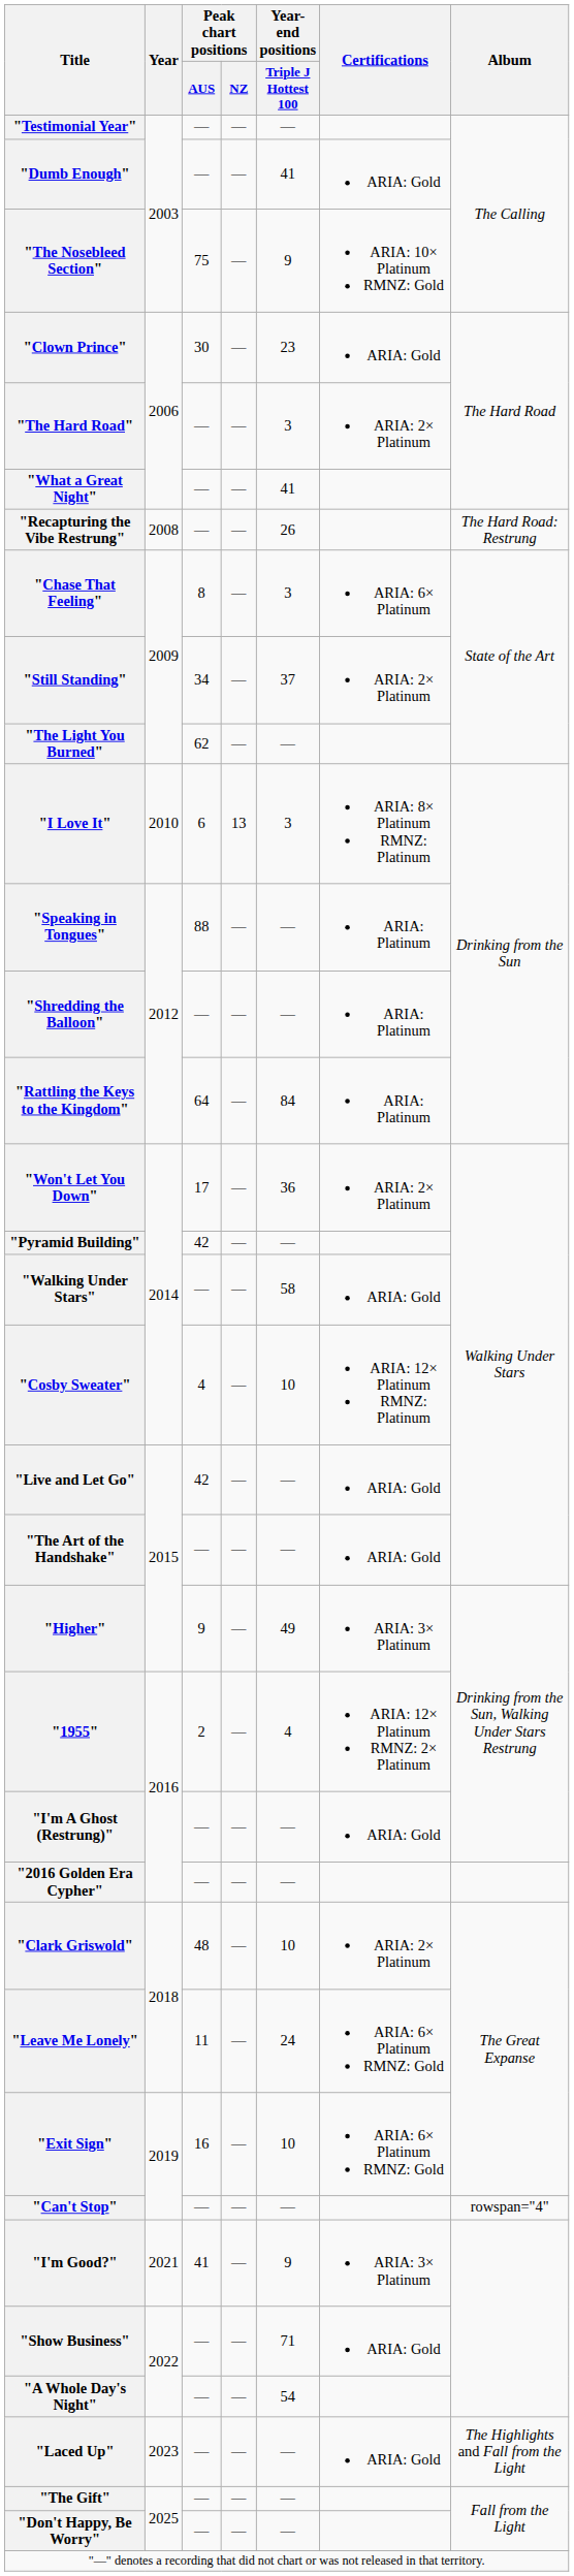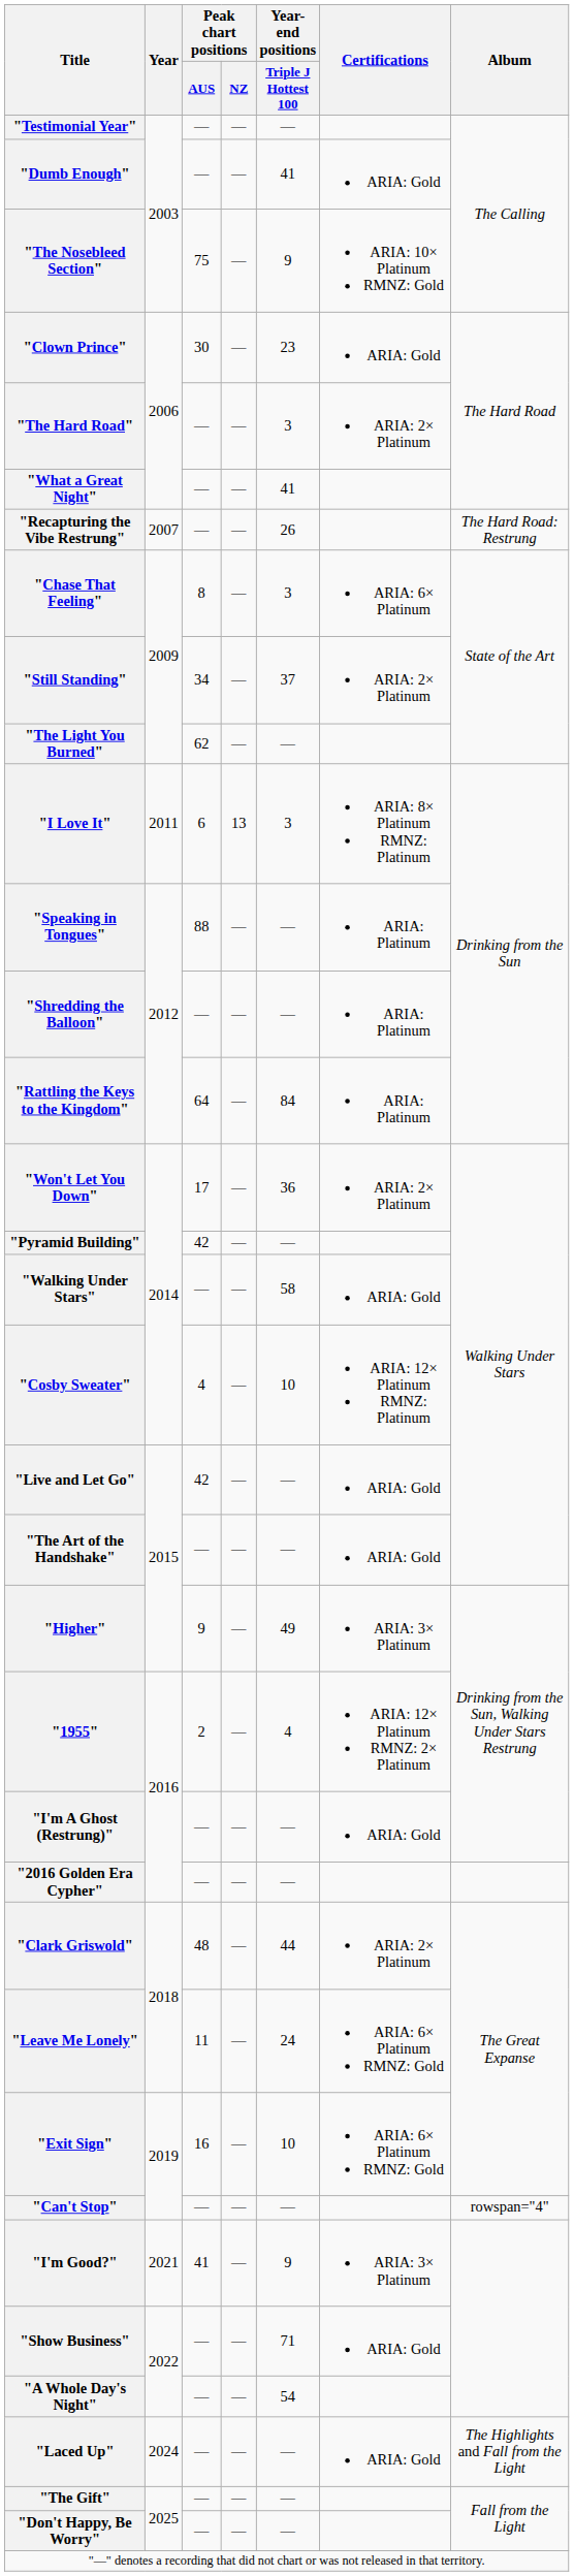 <table class="wikitable plainrowheaders" style="text-align:center;" border="1">
 <tr>
 <th scope="col" rowspan="2" style="width:14em;">Title</th>
 <th scope="col" rowspan="2" style="width:1em;">Year</th>
 <th scope="col" colspan="2">Peak chart positions</th>
 <th scope="col">Year-end<br>positions</th>
 <th scope="col" rowspan="2" style="width:12em;"><a href='#'>Certifications</a></th>
 <th scope="col" rowspan="2" style="width:11em;">Album</th>
 </tr>
 <tr>
 <th scope="col" style="width:3em; font-size:90%;"><a href='#'>AUS</a><br></th>
 <th scope="col" style="width:3em; font-size:90%;"><a href='#'>NZ</a><br></th>
 <th scope="col" style="width:3em; font-size:90%;"><a href='#'>Triple J<br>Hottest 100</a><br></th>
 </tr>
 <tr>
 <th scope="row">"<a href='#'>Testimonial Year</a>"</th>
 <td rowspan="3">2003</td>
 <td>—</td>
 <td>—</td>
 <td>—</td>
 <td></td>
 <td rowspan="3"><em>The Calling</em></td>
 </tr>
 <tr>
 <th scope="row">"<a href='#'>Dumb Enough</a>"</th>
 <td>—</td>
 <td>—</td>
 <td>41</td>
 <td><br><ul><li>ARIA: Gold</li></ul></td>
 </tr>
 <tr>
 <th scope="row">"<a href='#'>The Nosebleed Section</a>"</th>
 <td>75</td>
 <td>—</td>
 <td>9</td>
 <td><br><ul><li>ARIA: 10× Platinum</li><li>RMNZ: Gold</li></ul></td>
 </tr>
 <tr>
 <th scope="row">"<a href='#'>Clown Prince</a>"</th>
 <td rowspan="3">2006</td>
 <td>30</td>
 <td>—</td>
 <td>23</td>
 <td><br><ul><li>ARIA: Gold</li></ul></td>
 <td rowspan="3"><em>The Hard Road</em></td>
 </tr>
 <tr>
 <th scope="row">"<a href='#'>The Hard Road</a>"</th>
 <td>—</td>
 <td>—</td>
 <td>3</td>
 <td><br><ul><li>ARIA: 2× Platinum</li></ul></td>
 </tr>
 <tr>
 <th scope="row">"<a href='#'>What a Great Night</a>"</th>
 <td>—</td>
 <td>—</td>
 <td>41</td>
 <td></td>
 </tr>
 <tr>
 <th scope="row">"Recapturing the Vibe Restrung"</th>
-<td>2008</td>
+<td>2007</td>
 <td>—</td>
 <td>—</td>
 <td>26</td>
 <td></td>
 <td><em>The Hard Road: Restrung</em></td>
 </tr>
 <tr>
 <th scope="row">"<a href='#'>Chase That Feeling</a>"</th>
 <td rowspan="3">2009</td>
 <td>8</td>
 <td>—</td>
 <td>3</td>
 <td><br><ul><li>ARIA: 6× Platinum</li></ul></td>
 <td rowspan="3"><em>State of the Art</em></td>
 </tr>
 <tr>
 <th scope="row">"<a href='#'>Still Standing</a>"</th>
 <td>34</td>
 <td>—</td>
 <td>37</td>
 <td><br><ul><li>ARIA: 2× Platinum</li></ul></td>
 </tr>
 <tr>
 <th scope="row">"<a href='#'>The Light You Burned</a>"<br></th>
 <td>62</td>
 <td>—</td>
 <td>—</td>
 <td></td>
 </tr>
 <tr>
 <th scope="row">"<a href='#'>I Love It</a>"<br></th>
-<td>2010</td>
+<td>2011</td>
 <td>6</td>
 <td>13</td>
 <td>3</td>
 <td><br><ul><li>ARIA: 8× Platinum</li><li>RMNZ: Platinum</li></ul></td>
 <td rowspan="4"><em>Drinking from the Sun</em></td>
 </tr>
 <tr>
 <th scope="row">"<a href='#'>Speaking in Tongues</a>"<br></th>
 <td rowspan="3">2012</td>
 <td>88</td>
 <td>—</td>
 <td>—</td>
 <td><br><ul><li>ARIA: Platinum</li></ul></td>
 </tr>
 <tr>
 <th scope="row">"<a href='#'>Shredding the Balloon</a>"</th>
 <td>—</td>
 <td>—</td>
 <td>—</td>
 <td><br><ul><li>ARIA: Platinum</li></ul></td>
 </tr>
 <tr>
 <th scope="row">"<a href='#'>Rattling the Keys to the Kingdom</a>"</th>
 <td>64</td>
 <td>—</td>
 <td>84</td>
 <td><br><ul><li>ARIA: Platinum</li></ul></td>
 </tr>
 <tr>
 <th scope="row">"<a href='#'>Won't Let You Down</a>" <br></th>
 <td rowspan="4">2014</td>
 <td>17</td>
 <td>—</td>
 <td>36</td>
 <td><br><ul><li>ARIA: 2× Platinum</li></ul></td>
 <td rowspan="6"><em>Walking Under Stars</em></td>
 </tr>
 <tr>
 <th scope="row">"Pyramid Building"</th>
 <td>42</td>
 <td>—</td>
 <td>—</td>
 </tr>
 <tr>
 <th scope="row">"Walking Under Stars"</th>
 <td>—</td>
 <td>—</td>
 <td>58</td>
 <td><br><ul><li>ARIA: Gold</li></ul></td>
 </tr>
 <tr>
 <th scope="row">"<a href='#'>Cosby Sweater</a>"</th>
 <td>4</td>
 <td>—</td>
 <td>10</td>
 <td><br><ul><li>ARIA: 12× Platinum</li><li>RMNZ: Platinum</li></ul></td>
 </tr>
 <tr>
 <th scope="row">"Live and Let Go"<br></th>
 <td rowspan="3">2015</td>
 <td>42</td>
 <td>—</td>
 <td>—</td>
 <td><br><ul><li>ARIA: Gold</li></ul></td>
 </tr>
 <tr>
 <th scope="row">"The Art of the Handshake"</th>
 <td>—</td>
 <td>—</td>
 <td>—</td>
 <td><br><ul><li>ARIA: Gold</li></ul></td>
 </tr>
 <tr>
 <th scope="row">"<a href='#'>Higher</a>"<br></th>
 <td>9</td>
 <td>—</td>
 <td>49</td>
 <td><br><ul><li>ARIA: 3× Platinum</li></ul></td>
 <td rowspan="3"><em>Drinking from the Sun, Walking Under Stars Restrung</em></td>
 </tr>
 <tr>
 <th scope="row">"<a href='#'>1955</a>"<br></th>
 <td rowspan="3">2016</td>
 <td>2</td>
 <td>—</td>
 <td>4</td>
 <td><br><ul><li>ARIA: 12× Platinum</li><li>RMNZ: 2× Platinum</li></ul></td>
 </tr>
 <tr>
 <th scope="row">"I'm A Ghost (Restrung)"</th>
 <td>—</td>
 <td>—</td>
 <td>—</td>
 <td><br><ul><li>ARIA: Gold</li></ul></td>
 </tr>
 <tr>
 <th scope="row">"2016 Golden Era Cypher"<br></th>
 <td>—</td>
 <td>—</td>
 <td>—</td>
 <td></td>
 <td></td>
 </tr>
 <tr>
 <th scope="row">"<a href='#'>Clark Griswold</a>"<br></th>
 <td rowspan="2">2018</td>
 <td>48</td>
 <td>—</td>
-<td>10</td>
+<td>44</td>
 <td><br><ul><li>ARIA: 2× Platinum</li></ul></td>
 <td rowspan="3"><em>The Great Expanse</em></td>
 </tr>
 <tr>
 <th scope="row">"<a href='#'>Leave Me Lonely</a>"</th>
 <td>11</td>
 <td>—</td>
 <td>24</td>
 <td><br><ul><li>ARIA: 6× Platinum</li><li>RMNZ: Gold</li></ul></td>
 </tr>
 <tr>
 <th scope="row">"<a href='#'>Exit Sign</a>"<br></th>
 <td rowspan="2">2019</td>
 <td>16</td>
 <td>—</td>
 <td>10</td>
 <td><br><ul><li>ARIA: 6× Platinum</li><li>RMNZ: Gold</li></ul></td>
 </tr>
 <tr>
 <th scope="row">"<a href='#'>Can't Stop</a>"<br></th>
 <td>—</td>
 <td>—</td>
 <td>—</td>
 <td></td>
 <td>rowspan="4" </td>
 </tr>
 <tr>
 <th scope="row">"I'm Good?"</th>
 <td>2021</td>
 <td>41<br></td>
 <td>—</td>
 <td>9</td>
 <td><br><ul><li>ARIA: 3× Platinum</li></ul></td>
 </tr>
 <tr>
 <th scope="row">"Show Business"<br></th>
 <td rowspan="2">2022</td>
 <td>—</td>
 <td>—</td>
 <td>71</td>
 <td><br><ul><li>ARIA: Gold</li></ul></td>
 </tr>
 <tr>
 <th scope="row">"A Whole Day's Night"<br></th>
 <td>—</td>
 <td>—</td>
 <td>54</td>
 <td></td>
 </tr>
 <tr>
 <th scope="row">"Laced Up"</th>
-<td>2023</td>
+<td>2024</td>
 <td>—</td>
 <td>—</td>
 <td>—</td>
 <td><br><ul><li>ARIA: Gold</li></ul></td>
 <td><em>The Highlights</em> and <em>Fall from the Light</em></td>
 </tr>
 <tr>
 <th scope="row">"The Gift"<br></th>
 <td rowspan="2">2025</td>
 <td>—</td>
 <td>—</td>
 <td>—</td>
 <td></td>
 <td rowspan="2"><em>Fall from the Light</em></td>
 </tr>
 <tr>
 <th scope="row">"Don't Happy, Be Worry"</th>
 <td>—</td>
 <td>—</td>
 <td>—</td>
 <td></td>
 </tr>
 <tr>
 <td colspan="7" style="font-size:85%">"—" denotes a recording that did not chart or was not released in that territory.</td>
 </tr>
 </table>
